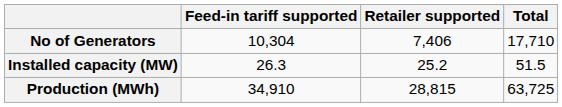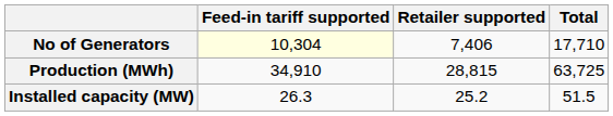 <table class="wikitable" style="text-align: center">
 <tr>
 <th></th>
 <th>Feed-in tariff supported</th>
 <th>Retailer supported</th>
 <th>Total</th>
 </tr>
 <tr>
 <th>No of Generators</th>
-<td>10,304</td>
+<td style="background: lightyellow;">10,304</td>
 <td>7,406</td>
 <td>17,710</td>
+</tr>
+<tr>
+<th>Production (MWh)</th>
+<td>34,910</td>
+<td>28,815</td>
+<td>63,725</td>
 </tr>
 <tr>
 <th>Installed capacity (MW)</th>
 <td>26.3</td>
 <td>25.2</td>
 <td>51.5</td>
 </tr>
-<tr>
-<th>Production (MWh)</th>
-<td>34,910</td>
-<td>28,815</td>
-<td>63,725</td>
-</tr>
 </table>
